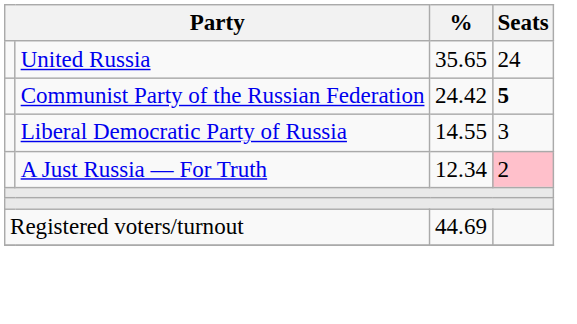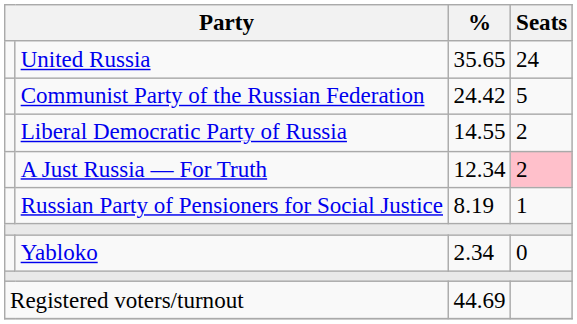 <table class="wikitable">
 <tr>
 <th colspan=2>Party</th>
 <th>%</th>
 <th>Seats</th>
 </tr>
 <tr>
 <td style="background:"></td>
 <td><a href='#'>United Russia</a></td>
 <td>35.65</td>
 <td>24</td>
 </tr>
 <tr>
 <td style="background:"></td>
 <td><a href='#'>Communist Party of the Russian Federation</a></td>
 <td>24.42</td>
-<td><strong>5</strong></td>
+<td>5</td>
 </tr>
 <tr>
 <td style="background:"></td>
 <td><a href='#'>Liberal Democratic Party of Russia</a></td>
 <td>14.55</td>
-<td>3</td>
+<td>2</td>
 </tr>
 <tr>
 <td style="background:"></td>
 <td><a href='#'>A Just Russia — For Truth</a></td>
 <td>12.34</td>
 <td style="background: pink;">2</td>
 </tr>
 <tr>
+<td style="background:"></td>
+<td><a href='#'>Russian Party of Pensioners for Social Justice</a></td>
+<td>8.19</td>
+<td>1</td>
+</tr>
+<tr>
 <td colspan=4 style="background:#E9E9E9;"></td>
+</tr>
+<tr>
+<td style="background:"></td>
+<td><a href='#'>Yabloko</a></td>
+<td>2.34</td>
+<td>0</td>
 </tr>
 <tr>
 <td colspan=4 style="background:#E9E9E9;"></td>
 </tr>
 <tr>
 <td align=left colspan=2>Registered voters/turnout</td>
 <td>44.69</td>
 <td></td>
 </tr>
 <tr>
 </tr>
 </table>
